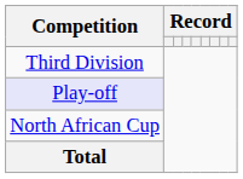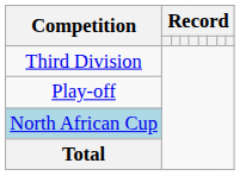 <table class="wikitable" style="text-align: center">
 <tr>
 <th rowspan=2>Competition</th>
 <th colspan=8>Record</th>
 </tr>
 <tr>
 <th></th>
 <th></th>
 <th></th>
 <th></th>
 <th></th>
 <th></th>
 <th></th>
 <th></th>
 </tr>
 <tr>
 <td><a href='#'>Third Division</a><br></td>
 </tr>
 <tr>
-<td style="background: lavender;"><a href='#'>Play-off</a><br></td>
+<td><a href='#'>Play-off</a><br></td>
 </tr>
 <tr>
-<td><a href='#'>North African Cup</a><br></td>
+<td style="background: lightblue;"><a href='#'>North African Cup</a><br></td>
 </tr>
 <tr>
 <th>Total<br></th>
 </tr>
 </table>
